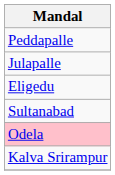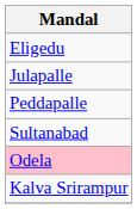 <table class="wikitable sortable static-row-numbers static-row-header-hash">
 <tr>
 <th>Mandal</th>
 </tr>
 <tr>
-<td><a href='#'>Peddapalle</a></td>
+<td><a href='#'>Eligedu</a></td>
 </tr>
 <tr>
 <td><a href='#'>Julapalle</a></td>
 </tr>
 <tr>
-<td><a href='#'>Eligedu</a></td>
+<td><a href='#'>Peddapalle</a></td>
 </tr>
 <tr>
 <td><a href='#'>Sultanabad</a></td>
 </tr>
 <tr>
 <td style="background: pink;"><a href='#'>Odela</a></td>
 </tr>
 <tr>
 <td><a href='#'>Kalva Srirampur</a></td>
 </tr>
 <tr>
 </tr>
 </table>
